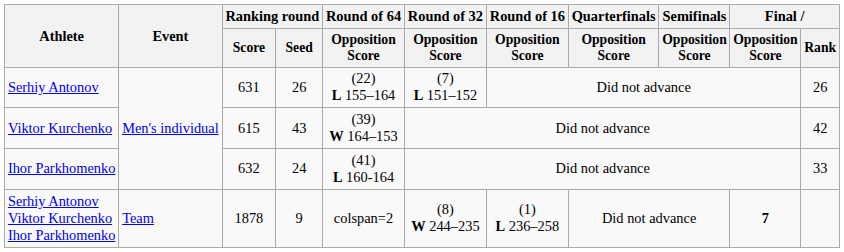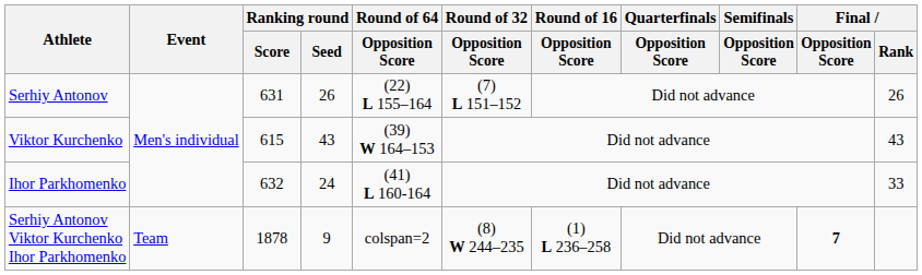 <table class="wikitable" style="font-size:90%">
 <tr>
 <th rowspan="2">Athlete</th>
 <th rowspan="2">Event</th>
 <th colspan="2">Ranking round</th>
 <th>Round of 64</th>
 <th>Round of 32</th>
 <th>Round of 16</th>
 <th>Quarterfinals</th>
 <th>Semifinals</th>
 <th colspan="2">Final / </th>
 </tr>
 <tr style="font-size:95%">
 <th>Score</th>
 <th>Seed</th>
 <th>Opposition<br>Score</th>
 <th>Opposition<br>Score</th>
 <th>Opposition<br>Score</th>
 <th>Opposition<br>Score</th>
 <th>Opposition<br>Score</th>
 <th>Opposition<br>Score</th>
 <th>Rank</th>
 </tr>
 <tr align=center>
 <td align=left><a href='#'>Serhiy Antonov</a></td>
 <td align=left rowspan=3><a href='#'>Men's individual</a></td>
 <td>631</td>
 <td>26</td>
 <td> (22)<br><strong>L</strong> 155–164</td>
 <td> (7) <br><strong>L</strong> 151–152</td>
 <td colspan=4>Did not advance</td>
 <td>26</td>
 </tr>
 <tr align=center>
 <td align=left><a href='#'>Viktor Kurchenko</a></td>
 <td>615</td>
 <td>43</td>
 <td> (39) <br><strong>W</strong> 164–153</td>
 <td colspan=5>Did not advance</td>
-<td>42</td>
+<td>43</td>
 </tr>
 <tr align=center>
 <td align=left><a href='#'>Ihor Parkhomenko</a></td>
 <td>632</td>
 <td>24</td>
 <td> (41) <br><strong>L</strong> 160-164</td>
 <td colspan=5>Did not advance</td>
 <td>33</td>
 </tr>
 <tr align=center>
 <td align=left><a href='#'>Serhiy Antonov</a><br><a href='#'>Viktor Kurchenko</a><br><a href='#'>Ihor Parkhomenko</a></td>
 <td align=left><a href='#'>Team</a></td>
 <td>1878</td>
 <td>9</td>
 <td>colspan=2 </td>
 <td> (8)<br><strong>W</strong> 244–235</td>
 <td> (1)<br><strong>L</strong> 236–258</td>
 <td colspan=2>Did not advance</td>
 <td><strong>7</strong></td>
 </tr>
 </table>
